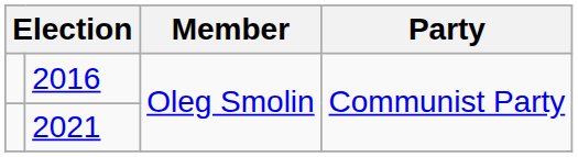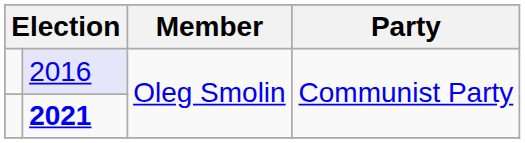 <table class="wikitable">
 <tr>
 <th colspan="2">Election</th>
 <th>Member</th>
 <th>Party</th>
 </tr>
 <tr>
 <td style="background-color:"></td>
-<td><a href='#'>2016</a></td>
+<td style="background: lavender;"><a href='#'>2016</a></td>
 <td rowspan=2><a href='#'>Oleg Smolin</a></td>
 <td rowspan=2><a href='#'>Communist Party</a></td>
 </tr>
 <tr>
 <td style="background-color:"></td>
-<td><a href='#'>2021</a></td>
+<td><strong><a href='#'>2021</a></strong></td>
 </tr>
 </table>
